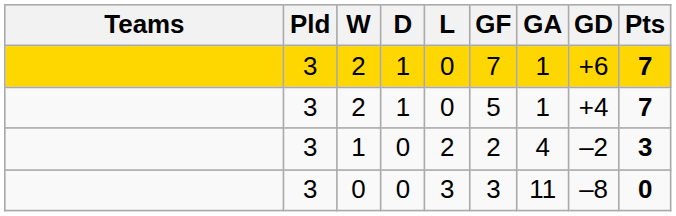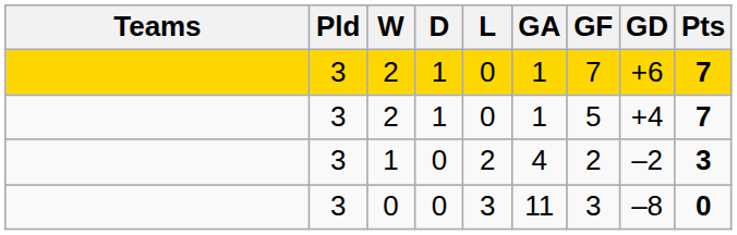 <table class="wikitable" style="text-align: center;">
 <tr>
 <th width=165>Teams</th>
 <th width=20>Pld</th>
 <th width=20>W</th>
 <th width=20>D</th>
 <th width=20>L</th>
+<th width=20>GA</th>
 <th width=20>GF</th>
-<th width=20>GA</th>
 <th width=20>GD</th>
 <th width=20>Pts</th>
 </tr>
 <tr align=center style="background:gold">
 <td style="text-align:left;"></td>
 <td>3</td>
 <td>2</td>
 <td>1</td>
 <td>0</td>
+<td>1</td>
 <td>7</td>
-<td>1</td>
 <td>+6</td>
 <td><strong>7</strong></td>
 </tr>
 <tr align=center>
 <td style="text-align:left;"></td>
 <td>3</td>
 <td>2</td>
 <td>1</td>
 <td>0</td>
+<td>1</td>
 <td>5</td>
-<td>1</td>
 <td>+4</td>
 <td><strong>7</strong></td>
 </tr>
 <tr align=center>
 <td style="text-align:left;"></td>
 <td>3</td>
 <td>1</td>
 <td>0</td>
 <td>2</td>
+<td>4</td>
 <td>2</td>
-<td>4</td>
 <td>–2</td>
 <td><strong>3</strong></td>
 </tr>
 <tr align=center>
 <td style="text-align:left;"></td>
 <td>3</td>
 <td>0</td>
 <td>0</td>
 <td>3</td>
+<td>11</td>
 <td>3</td>
-<td>11</td>
 <td>–8</td>
 <td><strong>0</strong></td>
 </tr>
 </table>
